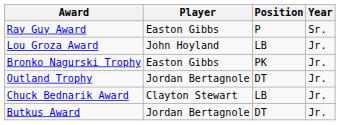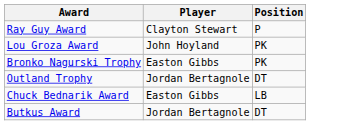 <table class="wikitable sortable">
 <tr>
 <th style="text-align:center; ">Award</th>
 <th style="text-align:center; ">Player</th>
 <th style="text-align:center; ">Position</th>
-<th style="text-align:center; ">Year</th>
 </tr>
 <tr>
 <td><a href='#'>Ray Guy Award</a></td>
-<td>Easton Gibbs</td>
+<td>Clayton Stewart</td>
 <td>P</td>
-<td>Sr.</td>
 </tr>
 <tr>
 <td><a href='#'>Lou Groza Award</a></td>
 <td>John Hoyland</td>
-<td>LB</td>
-<td>Jr.</td>
+<td>PK</td>
 </tr>
 <tr>
 <td><a href='#'>Bronko Nagurski Trophy</a></td>
 <td>Easton Gibbs</td>
 <td>PK</td>
-<td>Jr.</td>
 </tr>
 <tr>
 <td><a href='#'>Outland Trophy</a></td>
 <td>Jordan Bertagnole</td>
 <td>DT</td>
-<td>Jr.</td>
 </tr>
 <tr>
 <td><a href='#'>Chuck Bednarik Award</a></td>
-<td>Clayton Stewart</td>
+<td>Easton Gibbs</td>
 <td>LB</td>
-<td>Jr.</td>
 </tr>
 <tr>
 <td><a href='#'>Butkus Award</a></td>
 <td>Jordan Bertagnole</td>
 <td>DT</td>
-<td>Jr.</td>
 </tr>
 </table>
